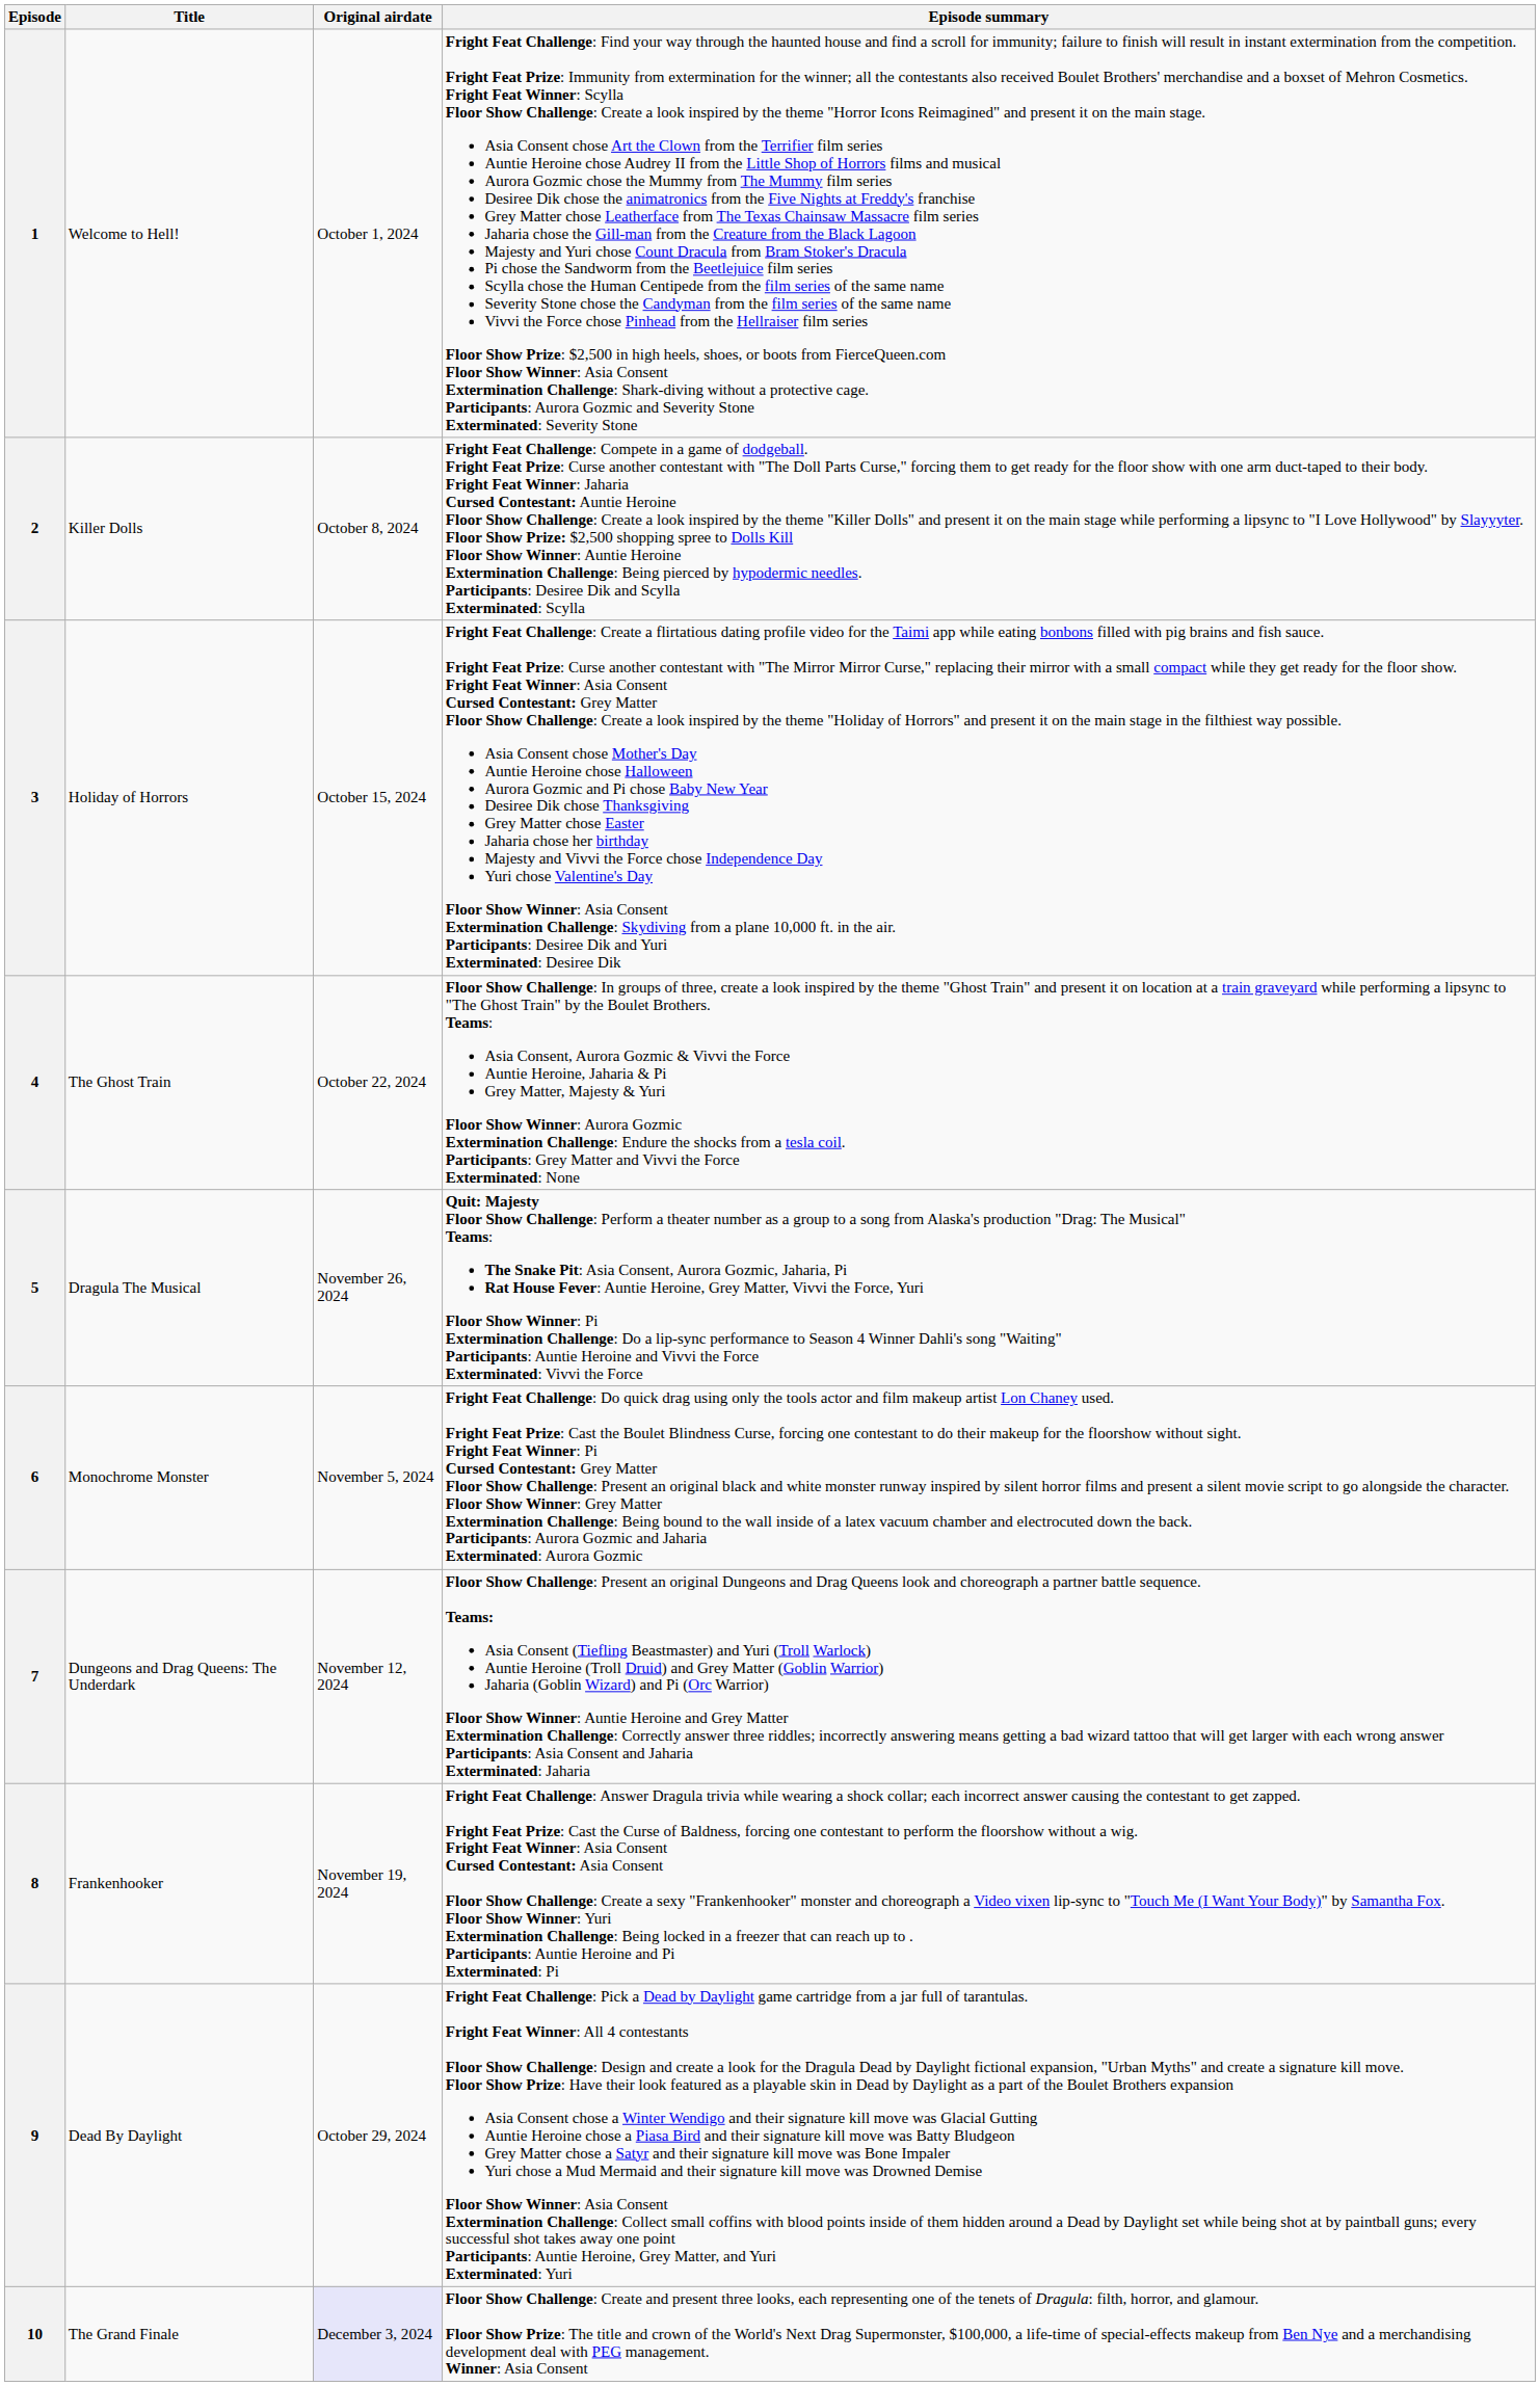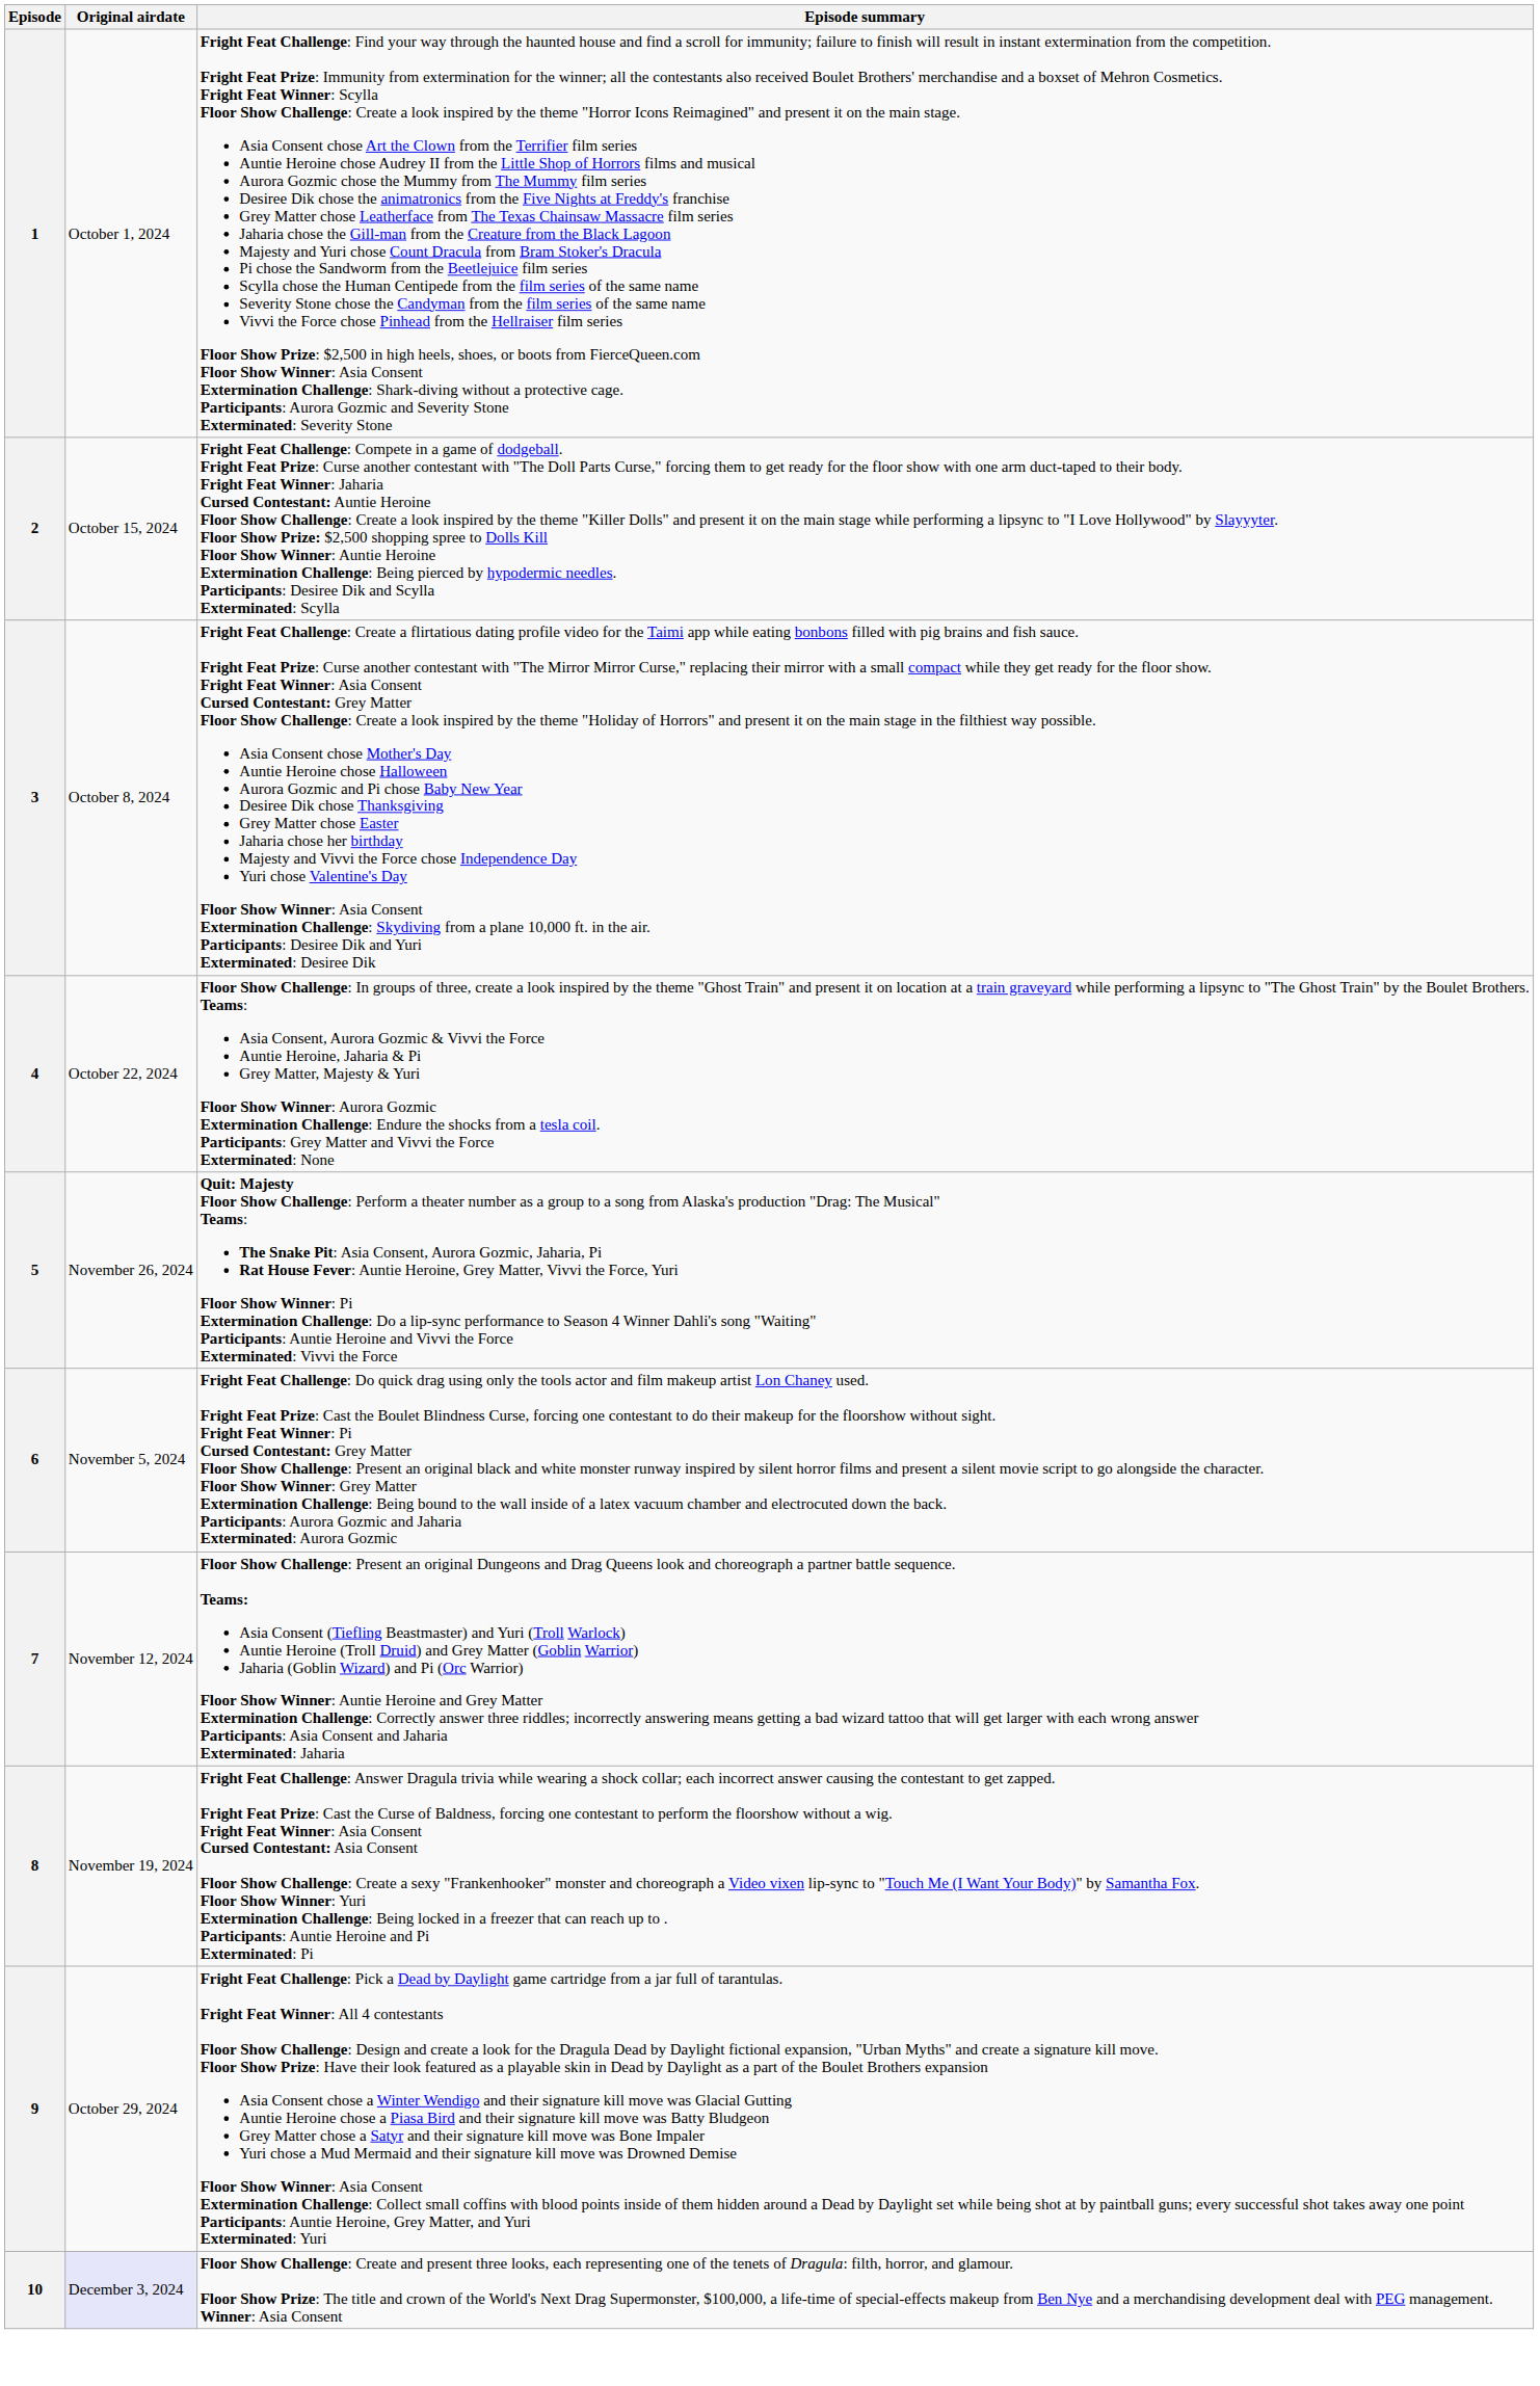 <table class="wikitable">
 <tr>
 <th nowrap>Episode</th>
-<th nowrap>Title</th>
 <th nowrap>Original airdate</th>
 <th nowrap>Episode summary</th>
 </tr>
 <tr>
 <th>1</th>
-<td>Welcome to Hell!</td>
 <td>October 1, 2024</td>
 <td><strong>Fright Feat Challenge</strong>: Find your way through the haunted house and find a scroll for immunity; failure to finish will result in instant extermination from the competition.<br><br><strong>Fright Feat Prize</strong>: Immunity from extermination for the winner; all the contestants also received Boulet Brothers' merchandise and a boxset of Mehron Cosmetics.<br> <span><strong>Fright Feat Winner</strong>: Scylla</span><br><strong>Floor Show Challenge</strong>: Create a look inspired by the theme "Horror Icons Reimagined" and present it on the main stage.<ul><li>Asia Consent chose <a href='#'>Art the Clown</a> from the <a href='#'>Terrifier</a> film series</li><li>Auntie Heroine chose Audrey II from the <a href='#'>Little Shop of Horrors</a> films and musical</li><li>Aurora Gozmic chose the Mummy from <a href='#'>The Mummy</a> film series</li><li>Desiree Dik chose the <a href='#'>animatronics</a> from the <a href='#'>Five Nights at Freddy's</a> franchise</li><li>Grey Matter chose <a href='#'>Leatherface</a> from <a href='#'>The Texas Chainsaw Massacre</a> film series</li><li>Jaharia chose the <a href='#'>Gill-man</a> from the <a href='#'>Creature from the Black Lagoon</a></li><li>Majesty and Yuri chose <a href='#'>Count Dracula</a> from <a href='#'>Bram Stoker's Dracula</a></li><li>Pi chose the Sandworm from the <a href='#'>Beetlejuice</a> film series</li><li>Scylla chose the Human Centipede from the <a href='#'>film series</a> of the same name</li><li>Severity Stone chose the <a href='#'>Candyman</a> from the <a href='#'>film series</a> of the same name</li><li>Vivvi the Force chose <a href='#'>Pinhead</a> from the <a href='#'>Hellraiser</a> film series</li></ul><strong>Floor Show Prize</strong>: $2,500 in high heels, shoes, or boots from FierceQueen.com<br> <span><strong>Floor Show Winner</strong>: Asia Consent</span><br><strong>Extermination Challenge</strong>: Shark-diving without a protective cage.<br> <strong>Participants</strong>: Aurora Gozmic and Severity Stone<br> <span><strong>Exterminated</strong>: Severity Stone</span></td>
 </tr>
 <tr>
 <th>2</th>
-<td>Killer Dolls</td>
-<td>October 8, 2024</td>
+<td>October 15, 2024</td>
 <td><strong>Fright Feat Challenge</strong>: Compete in a game of <a href='#'>dodgeball</a>.<br><strong>Fright Feat Prize</strong>:  Curse another contestant with "The Doll Parts Curse," forcing them to get ready for the floor show with one arm duct-taped to their body.<br> <span><strong>Fright Feat Winner</strong>: Jaharia</span><br> <span><strong>Cursed Contestant:</strong> Auntie Heroine</span><br><strong>Floor Show Challenge</strong>: Create a look inspired by the theme "Killer Dolls" and present it on the main stage while performing a lipsync to "I Love Hollywood" by <a href='#'>Slayyyter</a>.<br><strong>Floor Show Prize:</strong> $2,500 shopping spree to <a href='#'>Dolls Kill</a><br> <span><strong>Floor Show Winner</strong>: Auntie Heroine</span><br><strong>Extermination Challenge</strong>: Being pierced by <a href='#'>hypodermic needles</a>.<br> <strong>Participants</strong>: Desiree Dik and Scylla<br> <span><strong>Exterminated</strong>: Scylla</span></td>
 </tr>
 <tr>
 <th>3</th>
-<td>Holiday of Horrors</td>
-<td>October 15, 2024</td>
+<td>October 8, 2024</td>
 <td><strong>Fright Feat Challenge</strong>: Create a flirtatious dating profile video for the <a href='#'>Taimi</a> app while eating <a href='#'>bonbons</a> filled with pig brains and fish sauce.<br><br><strong>Fright Feat Prize</strong>: Curse another contestant with "The Mirror Mirror Curse," replacing their mirror with a small <a href='#'>compact</a> while they get ready for the floor show.<br> <span><strong>Fright Feat Winner</strong>: Asia Consent</span><br> <span><strong>Cursed Contestant:</strong> Grey Matter</span><br><strong>Floor Show Challenge</strong>: Create a look inspired by the theme "Holiday of Horrors" and present it on the main stage in the filthiest way possible.<br><ul><li>Asia Consent chose <a href='#'>Mother's Day</a></li><li>Auntie Heroine chose <a href='#'>Halloween</a></li><li>Aurora Gozmic and Pi chose <a href='#'>Baby New Year</a></li><li>Desiree Dik chose <a href='#'>Thanksgiving</a></li><li>Grey Matter chose <a href='#'>Easter</a></li><li>Jaharia chose her <a href='#'>birthday</a></li><li>Majesty and Vivvi the Force chose <a href='#'>Independence Day</a></li><li>Yuri chose <a href='#'>Valentine's Day</a></li></ul><span><strong>Floor Show Winner</strong>: Asia Consent </span><br><strong>Extermination Challenge</strong>: <a href='#'>Skydiving</a> from a plane 10,000 ft. in the air. <br> <strong>Participants</strong>: Desiree Dik and Yuri <br> <span><strong>Exterminated</strong>: Desiree Dik </span></td>
 </tr>
 <tr>
 <th>4</th>
-<td>The Ghost Train</td>
 <td>October 22, 2024</td>
 <td><strong>Floor Show Challenge</strong>: In groups of three, create a look inspired by the theme "Ghost Train" and present it on location at a <a href='#'>train graveyard</a> while performing a lipsync to "The Ghost Train" by the Boulet Brothers.<br><strong>Teams</strong>:<br><ul><li>Asia Consent, Aurora Gozmic & Vivvi the Force</li><li>Auntie Heroine, Jaharia & Pi</li><li>Grey Matter, Majesty & Yuri</li></ul><span><strong>Floor Show Winner</strong>: Aurora Gozmic </span><br><strong>Extermination Challenge</strong>: Endure the shocks from a <a href='#'>tesla coil</a>. <br> <strong>Participants</strong>: Grey Matter and Vivvi the Force <br> <span><strong>Exterminated</strong>: None </span></td>
 </tr>
 <tr>
 <th>5</th>
-<td>Dragula The Musical</td>
 <td>November 26, 2024</td>
 <td><span><strong>Quit: Majesty</strong></span><br><strong>Floor Show Challenge</strong>: Perform a theater number as a group to a song from Alaska's production "Drag: The Musical"<br><strong>Teams</strong>:<ul><li><strong>The Snake Pit</strong>: Asia Consent, Aurora Gozmic, Jaharia, Pi</li><li><strong>Rat House Fever</strong>: Auntie Heroine, Grey Matter, Vivvi the Force, Yuri</li></ul><span><strong>Floor Show Winner</strong>: Pi </span><br><strong>Extermination Challenge</strong>: Do a lip-sync performance to Season 4 Winner Dahli's song "Waiting" <br> <strong>Participants</strong>: Auntie Heroine and Vivvi the Force <br> <span><strong>Exterminated</strong>: Vivvi the Force </span></td>
 </tr>
 <tr>
 <th>6</th>
-<td>Monochrome Monster</td>
 <td>November 5, 2024</td>
 <td><strong>Fright Feat Challenge</strong>: Do quick drag using only the tools actor and film makeup artist <a href='#'>Lon Chaney</a> used.<br><br><strong>Fright Feat Prize</strong>: Cast the Boulet Blindness Curse, forcing one contestant to do their makeup for the floorshow without sight. <br> <span><strong>Fright Feat Winner</strong>: Pi </span><br> <span><strong>Cursed Contestant:</strong> Grey Matter</span><br><strong>Floor Show Challenge</strong>: Present an original black and white monster runway inspired by silent horror films and present a silent movie script to go alongside the character. <br> <span><strong>Floor Show Winner</strong>: Grey Matter </span><br><strong>Extermination Challenge</strong>: Being bound to the wall inside of a latex vacuum chamber and electrocuted down the back. <br> <strong>Participants</strong>: Aurora Gozmic and Jaharia <br> <span><strong>Exterminated</strong>: Aurora Gozmic </span></td>
 </tr>
 <tr>
 <th>7</th>
-<td>Dungeons and Drag Queens: The Underdark</td>
 <td>November 12, 2024</td>
 <td><strong>Floor Show Challenge</strong>: Present an original Dungeons and Drag Queens look and choreograph a partner battle sequence.<br><br><strong>Teams:</strong><ul><li>Asia Consent (<a href='#'>Tiefling</a> Beastmaster) and Yuri (<a href='#'>Troll</a> <a href='#'>Warlock</a>)</li><li>Auntie Heroine (Troll <a href='#'>Druid</a>) and Grey Matter (<a href='#'>Goblin</a> <a href='#'>Warrior</a>)</li><li>Jaharia (Goblin <a href='#'>Wizard</a>) and Pi (<a href='#'>Orc</a> Warrior)</li></ul><span><strong>Floor Show Winner</strong>: Auntie Heroine and Grey Matter</span><br><strong>Extermination Challenge</strong>: Correctly answer three riddles; incorrectly answering means getting a bad wizard tattoo that will get larger with each wrong answer<br> <strong>Participants</strong>: Asia Consent and Jaharia<br> <span><strong>Exterminated</strong>: Jaharia</span></td>
 </tr>
 <tr>
 <th>8</th>
-<td>Frankenhooker</td>
 <td>November 19, 2024</td>
 <td><strong>Fright Feat Challenge</strong>: Answer Dragula trivia while wearing a shock collar; each incorrect answer causing the contestant to get zapped.<br><br><strong>Fright Feat Prize</strong>: Cast the Curse of Baldness, forcing one contestant to perform the floorshow without a wig. <br> <span><strong>Fright Feat Winner</strong>: Asia Consent </span><br> <span><strong>Cursed Contestant:</strong> Asia Consent </span><br><br><strong>Floor Show Challenge</strong>: Create a sexy "Frankenhooker" monster and choreograph a <a href='#'>Video vixen</a> lip-sync to "<a href='#'>Touch Me (I Want Your Body)</a>" by <a href='#'>Samantha Fox</a>. <br> <span><strong>Floor Show Winner</strong>: Yuri </span><br><strong>Extermination Challenge</strong>: Being locked in a freezer that can reach up to . <br> <strong>Participants</strong>: Auntie Heroine and Pi <br> <span><strong>Exterminated</strong>: Pi </span></td>
 </tr>
 <tr>
 <th>9</th>
-<td>Dead By Daylight</td>
 <td>October 29, 2024</td>
 <td><strong>Fright Feat Challenge</strong>: Pick a <a href='#'>Dead by Daylight</a> game cartridge from a jar full of tarantulas.<br><br><span><strong>Fright Feat Winner</strong>: All 4 contestants </span><br><br><strong>Floor Show Challenge</strong>: Design and create a look for the Dragula Dead by Daylight fictional expansion, "Urban Myths" and create a signature kill move. <br> <strong>Floor Show Prize</strong>: Have their look featured as a playable skin in Dead by Daylight as a part of the Boulet Brothers expansion<br><ul><li>Asia Consent chose a <a href='#'>Winter Wendigo</a> and their signature kill move was Glacial Gutting</li><li>Auntie Heroine chose a <a href='#'>Piasa Bird</a> and their signature kill move was Batty Bludgeon</li><li>Grey Matter chose a <a href='#'>Satyr</a> and their signature kill move was Bone Impaler</li><li>Yuri chose a Mud Mermaid and their signature kill move was Drowned Demise</li></ul><span><strong>Floor Show Winner</strong>: Asia Consent</span><br><strong>Extermination Challenge</strong>: Collect small coffins with blood points inside of them hidden around a Dead by Daylight set while being shot at by paintball guns; every successful shot takes away one point<br> <strong>Participants</strong>: Auntie Heroine, Grey Matter, and Yuri<br> <span><strong>Exterminated</strong>: Yuri</span></td>
 </tr>
 <tr>
 <th>10</th>
-<td>The Grand Finale</td>
 <td style="background: lavender;">December 3, 2024</td>
 <td><strong>Floor Show Challenge</strong>: Create and present three looks, each representing one of the tenets of <em>Dragula</em>: filth, horror, and glamour.<br><br><strong>Floor Show Prize</strong>: The title and crown of the World's Next Drag Supermonster, $100,000, a life-time of special-effects makeup from <a href='#'>Ben Nye</a> and a merchandising development deal with <a href='#'>PEG</a> management.<br> <span><strong>Winner</strong>: Asia Consent</span></td>
 </tr>
 </table>
